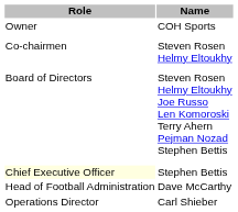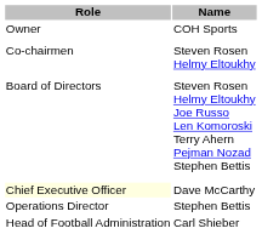 <table class="toccolours">
 <tr>
 <th style="background:silver;">Role</th>
 <th style="background:silver;">Name</th>
 </tr>
 <tr>
 <td>Owner</td>
 <td>COH Sports</td>
 </tr>
 <tr>
 <td></td>
 </tr>
 <tr>
 <td></td>
 </tr>
 <tr>
 <td>Co-chairmen<br> </td>
 <td>Steven Rosen<br><a href='#'>Helmy Eltoukhy</a></td>
 </tr>
 <tr>
 <td></td>
 </tr>
 <tr>
 <td></td>
 </tr>
 <tr>
 <td>Board of Directors<br><br><br><br><br><br> </td>
 <td>Steven Rosen<br><a href='#'>Helmy Eltoukhy</a><br><a href='#'>Joe Russo</a><br><a href='#'>Len Komoroski</a><br>Terry Ahern<br><a href='#'>Pejman Nozad</a><br>Stephen Bettis</td>
 </tr>
 <tr>
 <td></td>
 </tr>
 <tr>
 <td></td>
 </tr>
 <tr>
 </tr>
 <tr>
 <td style="background: lightyellow;">Chief Executive Officer</td>
+<td>Dave McCarthy</td>
+</tr>
+<tr>
+<td>Operations Director</td>
 <td>Stephen Bettis</td>
 </tr>
 <tr>
 <td>Head of Football Administration</td>
-<td>Dave McCarthy</td>
-</tr>
-<tr>
-<td>Operations Director</td>
 <td>Carl Shieber</td>
 </tr>
 </table>
